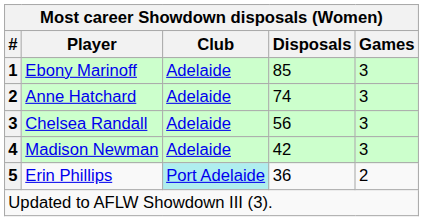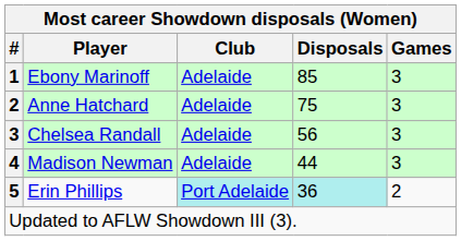 <table class="wikitable">
 <tr>
 <th colspan="5">Most career Showdown disposals (Women)</th>
 </tr>
 <tr>
 <th>#</th>
 <th>Player</th>
 <th>Club</th>
 <th>Disposals</th>
 <th>Games</th>
 </tr>
 <tr style="background:#cfc;">
 <th>1</th>
 <td><a href='#'>Ebony Marinoff</a></td>
 <td><a href='#'>Adelaide</a></td>
 <td>85</td>
 <td>3</td>
 </tr>
 <tr style="background:#cfc;">
 <th>2</th>
 <td><a href='#'>Anne Hatchard</a></td>
 <td><a href='#'>Adelaide</a></td>
-<td>74</td>
+<td>75</td>
 <td>3</td>
 </tr>
 <tr style="background:#cfc;">
 <th>3</th>
 <td><a href='#'>Chelsea Randall</a></td>
 <td><a href='#'>Adelaide</a></td>
 <td>56</td>
 <td>3</td>
 </tr>
 <tr style="background:#cfc;">
 <th>4</th>
 <td><a href='#'>Madison Newman</a></td>
 <td><a href='#'>Adelaide</a></td>
-<td>42</td>
+<td>44</td>
 <td>3</td>
 </tr>
 <tr>
 <th>5</th>
 <td><a href='#'>Erin Phillips</a></td>
 <td style="background: paleturquoise;"><a href='#'>Port Adelaide</a></td>
-<td>36</td>
+<td style="background: paleturquoise;">36</td>
 <td>2</td>
 </tr>
 <tr>
 <td colspan="5">Updated to AFLW Showdown III (3).</td>
 </tr>
 </table>
